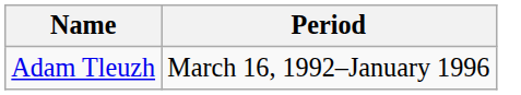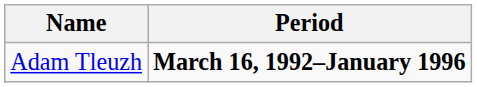 <table class="wikitable">
 <tr>
 <th>Name</th>
 <th>Period</th>
 </tr>
 <tr>
 <td><a href='#'>Adam Tleuzh</a></td>
-<td>March 16, 1992–January 1996</td>
+<td><strong>March 16, 1992–January 1996</strong></td>
 </tr>
 </table>
